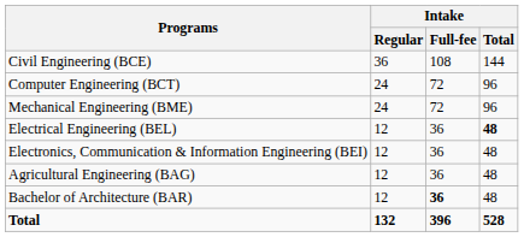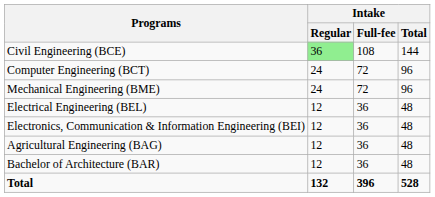 <table class="wikitable sortable">
 <tr>
 <th rowspan="2">Programs</th>
 <th colspan="3">Intake</th>
 </tr>
 <tr>
 <th>Regular</th>
 <th>Full-fee</th>
 <th>Total</th>
 </tr>
 <tr>
 <td>Civil Engineering (BCE)</td>
-<td>36</td>
+<td style="background: lightgreen;">36</td>
 <td>108</td>
 <td>144</td>
 </tr>
 <tr>
 <td>Computer Engineering (BCT)</td>
 <td>24</td>
 <td>72</td>
 <td>96</td>
 </tr>
 <tr>
 <td>Mechanical Engineering (BME)</td>
 <td>24</td>
 <td>72</td>
 <td>96</td>
 </tr>
 <tr>
 <td>Electrical Engineering (BEL)</td>
 <td>12</td>
 <td>36</td>
-<td><strong>48</strong></td>
+<td>48</td>
 </tr>
 <tr>
 <td>Electronics, Communication & Information Engineering (BEI)</td>
 <td>12</td>
 <td>36</td>
 <td>48</td>
 </tr>
 <tr>
 <td>Agricultural Engineering (BAG)</td>
 <td>12</td>
 <td>36</td>
 <td>48</td>
 </tr>
 <tr>
 <td>Bachelor of Architecture (BAR)</td>
 <td>12</td>
-<td><strong>36</strong></td>
+<td>36</td>
 <td>48</td>
 </tr>
 <tr>
 <td><strong>Total</strong></td>
 <td><strong>132</strong></td>
 <td><strong>396</strong></td>
 <td><strong>528</strong></td>
 </tr>
 </table>
